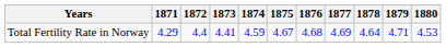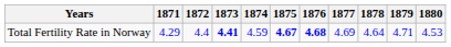 <table class="wikitable " style="text-align:right">
 <tr>
 <th>Years</th>
 <th>1871</th>
 <th>1872</th>
 <th>1873</th>
 <th>1874</th>
 <th>1875</th>
 <th>1876</th>
 <th>1877</th>
 <th>1878</th>
 <th>1879</th>
 <th>1880</th>
 </tr>
 <tr>
 <td align="left">Total Fertility Rate in Norway</td>
 <td style="text-align:right; color:blue;">4.29</td>
 <td style="text-align:right; color:blue;">4.4</td>
-<td style="text-align:right; color:blue;">4.41</td>
+<td style="text-align:right; color:blue;"><strong>4.41</strong></td>
 <td style="text-align:right; color:blue;">4.59</td>
-<td style="text-align:right; color:blue;">4.67</td>
-<td style="text-align:right; color:blue;">4.68</td>
+<td style="text-align:right; color:blue;"><strong>4.67</strong></td>
+<td style="text-align:right; color:blue;"><strong>4.68</strong></td>
 <td style="text-align:right; color:blue;">4.69</td>
 <td style="text-align:right; color:blue;">4.64</td>
 <td style="text-align:right; color:blue;">4.71</td>
 <td style="text-align:right; color:blue;">4.53</td>
 </tr>
 </table>
